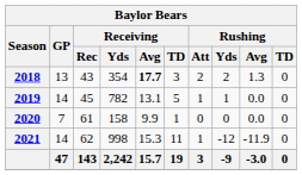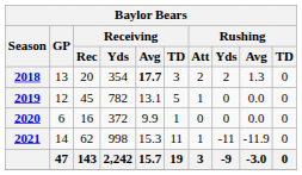 <table class="wikitable" style="text-align:center;">
 <tr>
 <th colspan="10">Baylor Bears</th>
 </tr>
 <tr>
 <th rowspan="2">Season</th>
 <th rowspan="2">GP</th>
 <th colspan="4">Receiving</th>
 <th colspan="4">Rushing</th>
 </tr>
 <tr>
 <th>Rec</th>
 <th>Yds</th>
 <th>Avg</th>
 <th>TD</th>
 <th>Att</th>
 <th>Yds</th>
 <th>Avg</th>
 <th>TD</th>
 </tr>
 <tr>
 <th><a href='#'>2018</a></th>
 <td>13</td>
-<td>43</td>
+<td>20</td>
 <td>354</td>
 <td><strong>17.7</strong></td>
 <td>3</td>
 <td>2</td>
 <td>2</td>
 <td>1.3</td>
 <td>0</td>
 </tr>
 <tr>
 <th><a href='#'>2019</a></th>
-<td>14</td>
+<td>12</td>
 <td>45</td>
 <td>782</td>
 <td>13.1</td>
 <td>5</td>
 <td>1</td>
-<td>1</td>
+<td>0</td>
 <td>0.0</td>
 <td>0</td>
 </tr>
 <tr>
 <th><a href='#'>2020</a></th>
-<td>7</td>
-<td>61</td>
-<td>158</td>
+<td>6</td>
+<td>16</td>
+<td>372</td>
 <td>9.9</td>
 <td>1</td>
 <td>0</td>
 <td>0</td>
 <td>0.0</td>
 <td>0</td>
 </tr>
 <tr>
 <th><a href='#'>2021</a></th>
 <td>14</td>
 <td>62</td>
 <td>998</td>
 <td>15.3</td>
 <td>11</td>
 <td>1</td>
-<td>-12</td>
+<td>-11</td>
 <td>-11.9</td>
 <td>0</td>
 </tr>
 <tr>
 <th></th>
 <th>47</th>
 <th>143</th>
 <th>2,242</th>
 <th>15.7</th>
 <th>19</th>
 <th>3</th>
 <th>-9</th>
 <th>-3.0</th>
 <th>0</th>
 </tr>
 <tr>
 </tr>
 </table>
